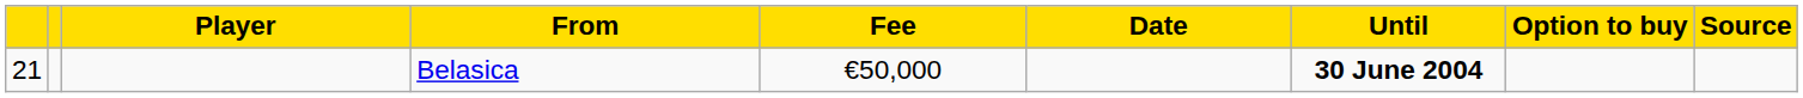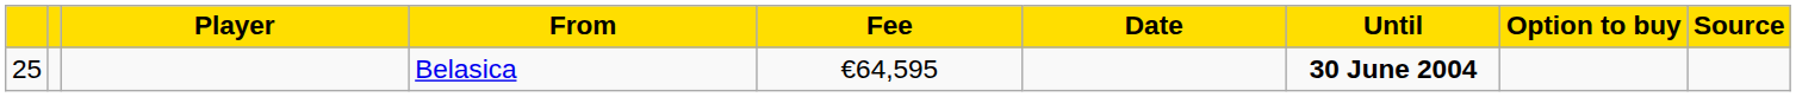 <table class="wikitable sortable">
 <tr>
 <th style="background:#FFDE00"></th>
 <th style="background:#FFDE00"></th>
 <th width=200 style="background:#FFDE00">Player</th>
 <th width=200 style="background:#FFDE00">From</th>
 <th width=150 style="background:#FFDE00">Fee</th>
 <th width=150 style="background:#FFDE00">Date</th>
 <th width=120 style="background:#FFDE00">Until</th>
 <th style="background:#FFDE00">Option to buy</th>
 <th style="background:#FFDE00">Source</th>
 </tr>
 <tr>
-<td align=center>21</td>
+<td align=center>25</td>
 <td align=center></td>
 <td></td>
 <td> <a href='#'>Belasica</a></td>
-<td align=center>€50,000</td>
+<td align=center>€64,595</td>
 <td align=center></td>
 <td align=center><strong>30 June 2004</strong></td>
 <td align=center></td>
 <td align=center></td>
 </tr>
 </table>
